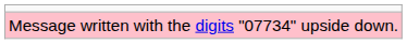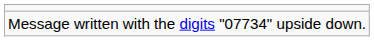 <table class="wikitable">
 <tr>
 <td></td>
 </tr>
 <tr>
-<td style="background: pink;">Message written with the <a href='#'>digits</a> "07734" upside down.</td>
+<td>Message written with the <a href='#'>digits</a> "07734" upside down.</td>
 </tr>
 </table>
